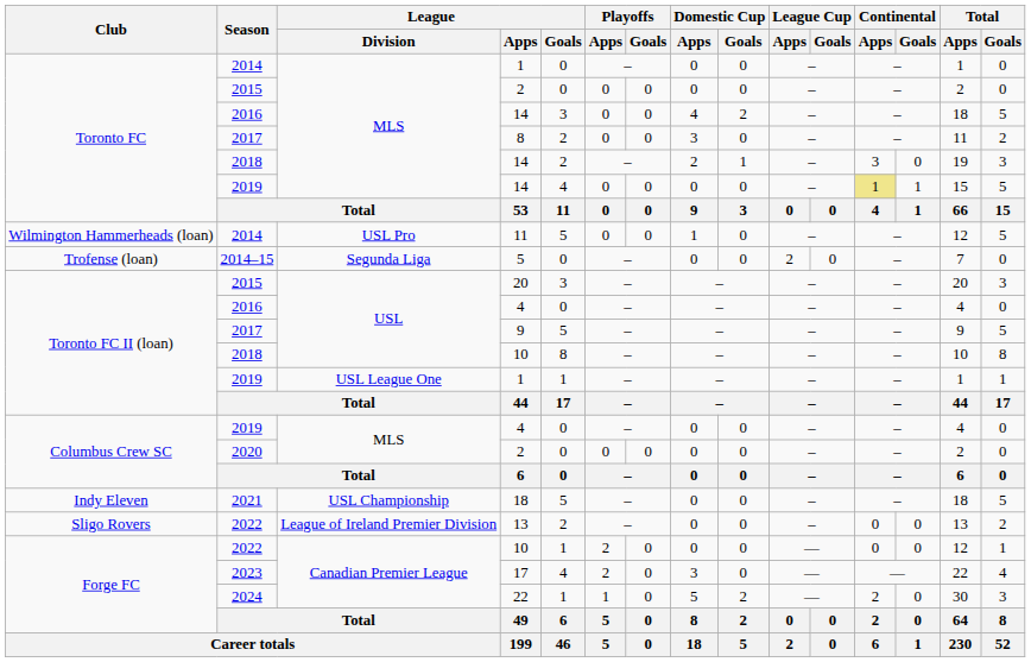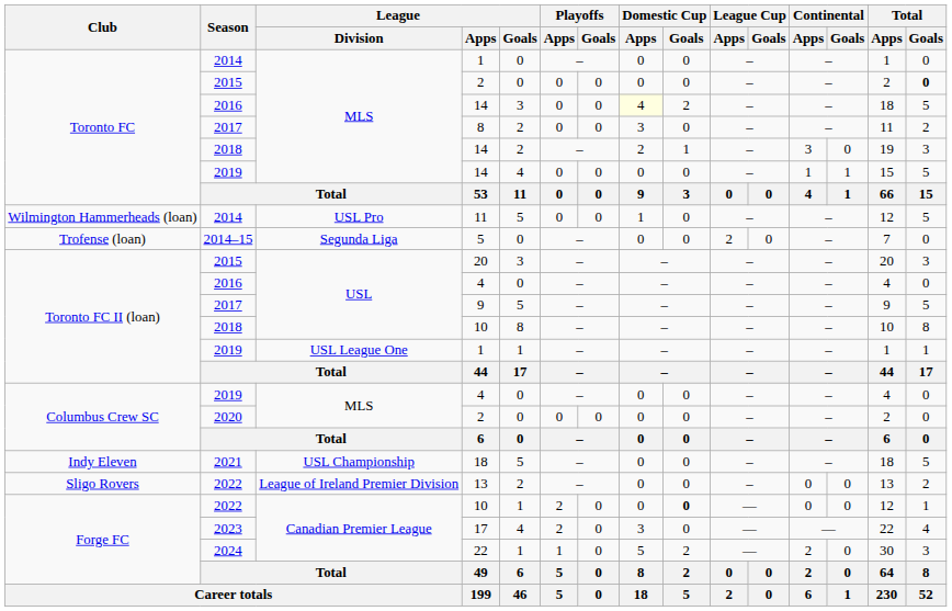 <table class="wikitable" style="text-align: center;">
 <tr>
 <th rowspan=2>Club</th>
 <th rowspan=2>Season</th>
 <th colspan=3>League</th>
 <th colspan=2>Playoffs</th>
 <th colspan=2>Domestic Cup</th>
 <th colspan=2>League Cup</th>
 <th colspan=2>Continental</th>
 <th colspan=2>Total</th>
 </tr>
 <tr>
 <th>Division</th>
 <th>Apps</th>
 <th>Goals</th>
 <th>Apps</th>
 <th>Goals</th>
 <th>Apps</th>
 <th>Goals</th>
 <th>Apps</th>
 <th>Goals</th>
 <th>Apps</th>
 <th>Goals</th>
 <th>Apps</th>
 <th>Goals</th>
 </tr>
 <tr>
 <td rowspan=7><a href='#'>Toronto FC</a></td>
 <td><a href='#'>2014</a></td>
 <td rowspan=6><a href='#'>MLS</a></td>
 <td>1</td>
 <td>0</td>
 <td colspan=2>–</td>
 <td>0</td>
 <td>0</td>
 <td colspan=2>–</td>
 <td colspan=2>–</td>
 <td>1</td>
 <td>0</td>
 </tr>
 <tr>
 <td><a href='#'>2015</a></td>
 <td>2</td>
 <td>0</td>
 <td>0</td>
 <td>0</td>
 <td>0</td>
 <td>0</td>
 <td colspan=2>–</td>
 <td colspan=2>–</td>
 <td>2</td>
-<td>0</td>
+<td><strong>0</strong></td>
 </tr>
 <tr>
 <td><a href='#'>2016</a></td>
 <td>14</td>
 <td>3</td>
 <td>0</td>
 <td>0</td>
-<td>4</td>
+<td style="background: lightyellow;">4</td>
 <td>2</td>
 <td colspan=2>–</td>
 <td colspan=2>–</td>
 <td>18</td>
 <td>5</td>
 </tr>
 <tr>
 <td><a href='#'>2017</a></td>
 <td>8</td>
 <td>2</td>
 <td>0</td>
 <td>0</td>
 <td>3</td>
 <td>0</td>
 <td colspan=2>–</td>
 <td colspan=2>–</td>
 <td>11</td>
 <td>2</td>
 </tr>
 <tr>
 <td><a href='#'>2018</a></td>
 <td>14</td>
 <td>2</td>
 <td colspan=2>–</td>
 <td>2</td>
 <td>1</td>
 <td colspan=2>–</td>
 <td>3</td>
 <td>0</td>
 <td>19</td>
 <td>3</td>
 </tr>
 <tr>
 <td><a href='#'>2019</a></td>
 <td>14</td>
 <td>4</td>
 <td>0</td>
 <td>0</td>
 <td>0</td>
 <td>0</td>
 <td colspan=2>–</td>
-<td style="background: khaki;">1</td>
+<td>1</td>
 <td>1</td>
 <td>15</td>
 <td>5</td>
 </tr>
 <tr>
 <th colspan=2>Total</th>
 <th>53</th>
 <th>11</th>
 <th>0</th>
 <th>0</th>
 <th>9</th>
 <th>3</th>
 <th>0</th>
 <th>0</th>
 <th>4</th>
 <th>1</th>
 <th>66</th>
 <th>15</th>
 </tr>
 <tr>
 <td><a href='#'>Wilmington Hammerheads</a> (loan)</td>
 <td><a href='#'>2014</a></td>
 <td><a href='#'>USL Pro</a></td>
 <td>11</td>
 <td>5</td>
 <td>0</td>
 <td>0</td>
 <td>1</td>
 <td>0</td>
 <td colspan=2>–</td>
 <td colspan=2>–</td>
 <td>12</td>
 <td>5</td>
 </tr>
 <tr>
 <td><a href='#'>Trofense</a> (loan)</td>
 <td><a href='#'>2014–15</a></td>
 <td><a href='#'>Segunda Liga</a></td>
 <td>5</td>
 <td>0</td>
 <td colspan=2>–</td>
 <td>0</td>
 <td>0</td>
 <td>2</td>
 <td>0</td>
 <td colspan=2>–</td>
 <td>7</td>
 <td>0</td>
 </tr>
 <tr>
 <td rowspan=6><a href='#'>Toronto FC II</a> (loan)</td>
 <td><a href='#'>2015</a></td>
 <td rowspan=4><a href='#'>USL</a></td>
 <td>20</td>
 <td>3</td>
 <td colspan=2>–</td>
 <td colspan=2>–</td>
 <td colspan=2>–</td>
 <td colspan=2>–</td>
 <td>20</td>
 <td>3</td>
 </tr>
 <tr>
 <td><a href='#'>2016</a></td>
 <td>4</td>
 <td>0</td>
 <td colspan=2>–</td>
 <td colspan=2>–</td>
 <td colspan=2>–</td>
 <td colspan=2>–</td>
 <td>4</td>
 <td>0</td>
 </tr>
 <tr>
 <td><a href='#'>2017</a></td>
 <td>9</td>
 <td>5</td>
 <td colspan=2>–</td>
 <td colspan=2>–</td>
 <td colspan=2>–</td>
 <td colspan=2>–</td>
 <td>9</td>
 <td>5</td>
 </tr>
 <tr>
 <td><a href='#'>2018</a></td>
 <td>10</td>
 <td>8</td>
 <td colspan=2>–</td>
 <td colspan=2>–</td>
 <td colspan=2>–</td>
 <td colspan=2>–</td>
 <td>10</td>
 <td>8</td>
 </tr>
 <tr>
 <td><a href='#'>2019</a></td>
 <td><a href='#'>USL League One</a></td>
 <td>1</td>
 <td>1</td>
 <td colspan=2>–</td>
 <td colspan=2>–</td>
 <td colspan=2>–</td>
 <td colspan=2>–</td>
 <td>1</td>
 <td>1</td>
 </tr>
 <tr>
 <th colspan=2>Total</th>
 <th>44</th>
 <th>17</th>
 <th colspan=2>–</th>
 <th colspan=2>–</th>
 <th colspan=2>–</th>
 <th colspan=2>–</th>
 <th>44</th>
 <th>17</th>
 </tr>
 <tr>
 <td rowspan="3"><a href='#'>Columbus Crew SC</a></td>
 <td><a href='#'>2019</a></td>
 <td rowspan="2">MLS</td>
 <td>4</td>
 <td>0</td>
 <td colspan=2>–</td>
 <td>0</td>
 <td>0</td>
 <td colspan=2>–</td>
 <td colspan=2>–</td>
 <td>4</td>
 <td>0</td>
 </tr>
 <tr>
 <td><a href='#'>2020</a></td>
 <td>2</td>
 <td>0</td>
 <td>0</td>
 <td>0</td>
 <td>0</td>
 <td>0</td>
 <td colspan=2>–</td>
 <td colspan=2>–</td>
 <td>2</td>
 <td>0</td>
 </tr>
 <tr>
 <th colspan=2>Total</th>
 <th>6</th>
 <th>0</th>
 <th colspan=2>–</th>
 <th>0</th>
 <th>0</th>
 <th colspan=2>–</th>
 <th colspan=2>–</th>
 <th>6</th>
 <th>0</th>
 </tr>
 <tr>
 <td><a href='#'>Indy Eleven</a></td>
 <td><a href='#'>2021</a></td>
 <td><a href='#'>USL Championship</a></td>
 <td>18</td>
 <td>5</td>
 <td colspan=2>–</td>
 <td>0</td>
 <td>0</td>
 <td colspan=2>–</td>
 <td colspan=2>–</td>
 <td>18</td>
 <td>5</td>
 </tr>
 <tr>
 <td><a href='#'>Sligo Rovers</a></td>
 <td><a href='#'>2022</a></td>
 <td><a href='#'>League of Ireland Premier Division</a></td>
 <td>13</td>
 <td>2</td>
 <td colspan=2>–</td>
 <td>0</td>
 <td>0</td>
 <td colspan=2>–</td>
 <td>0</td>
 <td>0</td>
 <td>13</td>
 <td>2</td>
 </tr>
 <tr>
 <td rowspan=4><a href='#'>Forge FC</a></td>
 <td><a href='#'>2022</a></td>
 <td rowspan=3><a href='#'>Canadian Premier League</a></td>
 <td>10</td>
 <td>1</td>
 <td>2</td>
 <td>0</td>
 <td>0</td>
-<td>0</td>
+<td><strong>0</strong></td>
 <td colspan="2">—</td>
 <td>0</td>
 <td>0</td>
 <td>12</td>
 <td>1</td>
 </tr>
 <tr>
 <td><a href='#'>2023</a></td>
 <td>17</td>
 <td>4</td>
 <td>2</td>
 <td>0</td>
 <td>3</td>
 <td>0</td>
 <td colspan="2">—</td>
 <td colspan="2">—</td>
 <td>22</td>
 <td>4</td>
 </tr>
 <tr>
 <td><a href='#'>2024</a></td>
 <td>22</td>
 <td>1</td>
 <td>1</td>
 <td>0</td>
 <td>5</td>
 <td>2</td>
 <td colspan="2">—</td>
 <td>2</td>
 <td>0</td>
 <td>30</td>
 <td>3</td>
 </tr>
 <tr>
 <th colspan="2">Total</th>
 <th>49</th>
 <th>6</th>
 <th>5</th>
 <th>0</th>
 <th>8</th>
 <th>2</th>
 <th>0</th>
 <th>0</th>
 <th>2</th>
 <th>0</th>
 <th>64</th>
 <th>8</th>
 </tr>
 <tr>
 <th colspan=3>Career totals</th>
 <th>199</th>
 <th>46</th>
 <th>5</th>
 <th>0</th>
 <th>18</th>
 <th>5</th>
 <th>2</th>
 <th>0</th>
 <th>6</th>
 <th>1</th>
 <th>230</th>
 <th>52</th>
 </tr>
 </table>
